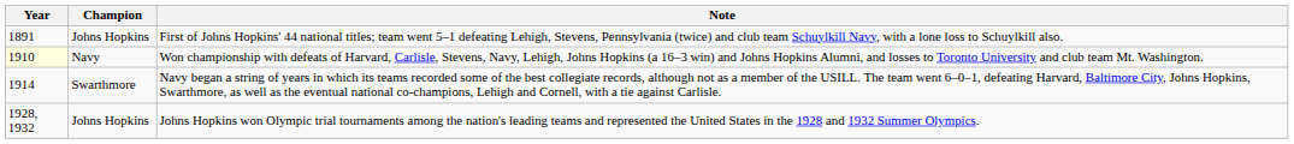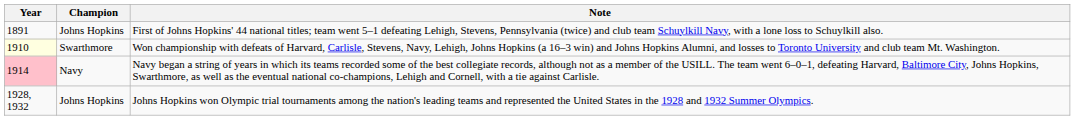 <table class="wikitable">
 <tr>
 <th scope="col" width="70px">Year</th>
 <th scope="col" width="100px">Champion</th>
 <th>Note</th>
 </tr>
 <tr>
 <td>1891</td>
 <td>Johns Hopkins</td>
 <td>First of Johns Hopkins' 44 national titles; team went 5–1 defeating Lehigh, Stevens, Pennsylvania (twice) and club team <a href='#'>Schuylkill Navy</a>, with a lone loss to Schuylkill also.</td>
 </tr>
 <tr>
 <td style="background: lightyellow;">1910</td>
-<td>Navy</td>
+<td>Swarthmore</td>
 <td>Won championship with defeats of Harvard, <a href='#'>Carlisle</a>, Stevens, Navy, Lehigh, Johns Hopkins (a 16–3 win) and Johns Hopkins Alumni, and losses to <a href='#'>Toronto University</a> and club team Mt. Washington.</td>
 </tr>
 <tr>
-<td>1914</td>
-<td>Swarthmore</td>
+<td style="background: pink;">1914</td>
+<td>Navy</td>
 <td>Navy began a string of years in which its teams recorded some of the best collegiate records, although not as a member of the USILL. The team went 6–0–1, defeating Harvard, <a href='#'>Baltimore City</a>, Johns Hopkins, Swarthmore, as well as the eventual national co-champions, Lehigh and Cornell, with a tie against Carlisle.</td>
 </tr>
 <tr>
 <td>1928, 1932</td>
 <td>Johns Hopkins</td>
 <td>Johns Hopkins won Olympic trial tournaments among the nation's leading teams and represented the United States in the <a href='#'>1928</a> and <a href='#'>1932 Summer Olympics</a>.</td>
 </tr>
 </table>
